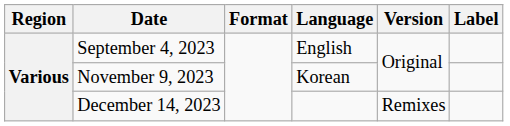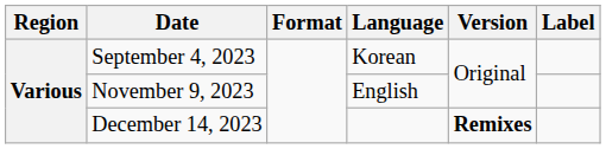 <table class="wikitable plainrowheaders">
 <tr>
 <th scope="col">Region</th>
 <th scope="col">Date</th>
 <th scope="col">Format</th>
 <th scope="col">Language</th>
 <th scope="col">Version</th>
 <th scope="col">Label</th>
 </tr>
 <tr>
 <th scope="row" rowspan="3">Various</th>
 <td>September 4, 2023</td>
 <td rowspan="3"></td>
-<td>English</td>
+<td>Korean</td>
 <td rowspan="2">Original</td>
 <td></td>
 </tr>
 <tr>
 <td>November 9, 2023</td>
-<td>Korean</td>
+<td>English</td>
 <td></td>
 </tr>
 <tr>
 <td>December 14, 2023</td>
 <td></td>
-<td>Remixes</td>
+<td><strong>Remixes</strong></td>
 <td></td>
 </tr>
 </table>
